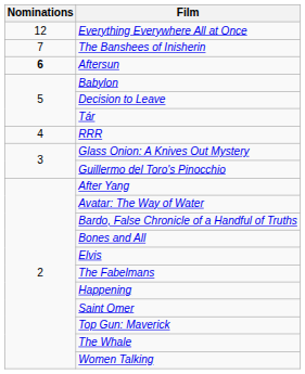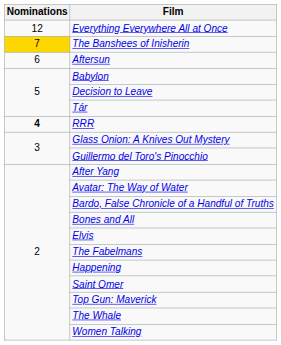 <table class="wikitable">
 <tr>
 <th>Nominations</th>
 <th>Film</th>
 </tr>
 <tr>
 <td style="text-align:center;">12</td>
 <td><em><a href='#'>Everything Everywhere All at Once</a></em></td>
 </tr>
 <tr>
-<td style="text-align:center;">7</td>
+<td style="background: gold; text-align:center;">7</td>
 <td><em><a href='#'>The Banshees of Inisherin</a></em></td>
 </tr>
 <tr>
-<td style="text-align:center;"><strong>6</strong></td>
+<td style="text-align:center;">6</td>
 <td><em><a href='#'>Aftersun</a></em></td>
 </tr>
 <tr>
 <td style="text-align:center;" rowspan="3">5</td>
 <td><em><a href='#'>Babylon</a></em></td>
 </tr>
 <tr>
 <td><em><a href='#'>Decision to Leave</a></em></td>
 </tr>
 <tr>
 <td><em><a href='#'>Tár</a></em></td>
 </tr>
 <tr>
-<td style="text-align:center;">4</td>
+<td style="text-align:center;"><strong>4</strong></td>
 <td><em><a href='#'>RRR</a></em></td>
 </tr>
 <tr>
 <td style="text-align:center;" rowspan="2">3</td>
 <td><em><a href='#'>Glass Onion: A Knives Out Mystery</a></em></td>
 </tr>
 <tr>
 <td><em><a href='#'>Guillermo del Toro's Pinocchio</a></em></td>
 </tr>
 <tr>
 <td style="text-align:center;" rowspan="11">2</td>
 <td><em><a href='#'>After Yang</a></em></td>
 </tr>
 <tr>
 <td><em><a href='#'>Avatar: The Way of Water</a></em></td>
 </tr>
 <tr>
 <td><em><a href='#'>Bardo, False Chronicle of a Handful of Truths</a></em></td>
 </tr>
 <tr>
 <td><em><a href='#'>Bones and All</a></em></td>
 </tr>
 <tr>
 <td><em><a href='#'>Elvis</a></em></td>
 </tr>
 <tr>
 <td><em><a href='#'>The Fabelmans</a></em></td>
 </tr>
 <tr>
 <td><em><a href='#'>Happening</a></em></td>
 </tr>
 <tr>
 <td><em><a href='#'>Saint Omer</a></em></td>
 </tr>
 <tr>
 <td><em><a href='#'>Top Gun: Maverick</a></em></td>
 </tr>
 <tr>
 <td><em><a href='#'>The Whale</a></em></td>
 </tr>
 <tr>
 <td><em><a href='#'>Women Talking</a></em></td>
 </tr>
 </table>
